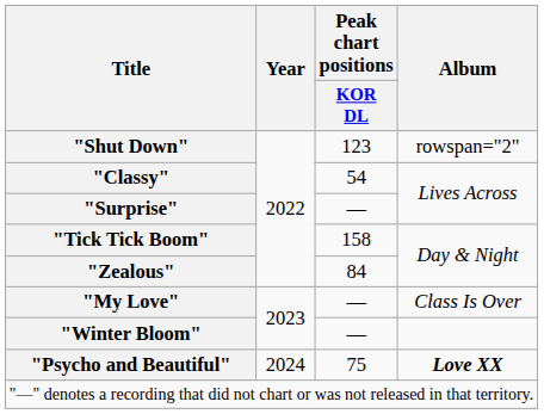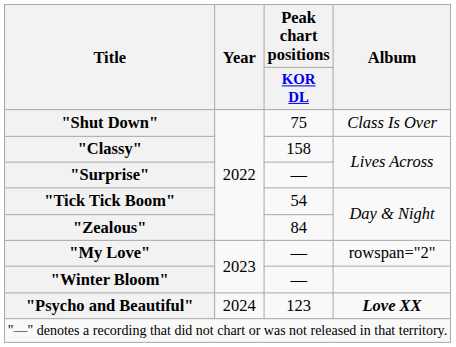 <table class="wikitable plainrowheaders" style="text-align:center">
 <tr>
 <th scope="col" rowspan="2">Title</th>
 <th scope="col" rowspan="2">Year</th>
 <th scope="col">Peak chart positions</th>
 <th scope="col" rowspan="2">Album</th>
 </tr>
 <tr>
 <th scope="col" style="font-size:90%; width:2.5em"><a href='#'>KOR<br>DL</a><br></th>
 </tr>
 <tr>
 <th scope="row">"Shut Down"</th>
 <td rowspan="5">2022</td>
-<td>123</td>
-<td>rowspan="2" </td>
+<td>75</td>
+<td><em>Class Is Over</em></td>
 </tr>
 <tr>
 <th scope="row">"Classy"</th>
-<td>54</td>
+<td>158</td>
 <td rowspan="2"><em>Lives Across</em></td>
 </tr>
 <tr>
 <th scope="row">"Surprise"</th>
 <td>—</td>
 </tr>
 <tr>
 <th scope="row">"Tick Tick Boom"</th>
-<td>158</td>
+<td>54</td>
 <td rowspan="2"><em>Day & Night</em></td>
 </tr>
 <tr>
 <th scope="row">"Zealous"</th>
 <td>84</td>
 </tr>
 <tr>
 <th scope="row">"My Love"</th>
 <td rowspan="2">2023</td>
 <td>—</td>
-<td><em>Class Is Over</em></td>
+<td>rowspan="2" </td>
 </tr>
 <tr>
 <th scope="row">"Winter Bloom"</th>
 <td>—</td>
 </tr>
 <tr>
 <th scope="row">"Psycho and Beautiful"</th>
 <td>2024</td>
-<td>75</td>
+<td>123</td>
 <td><strong><em>Love XX</em></strong></td>
 </tr>
 <tr>
 <td colspan="4" style="font-size:85%">"—" denotes a recording that did not chart or was not released in that territory.</td>
 </tr>
 </table>
